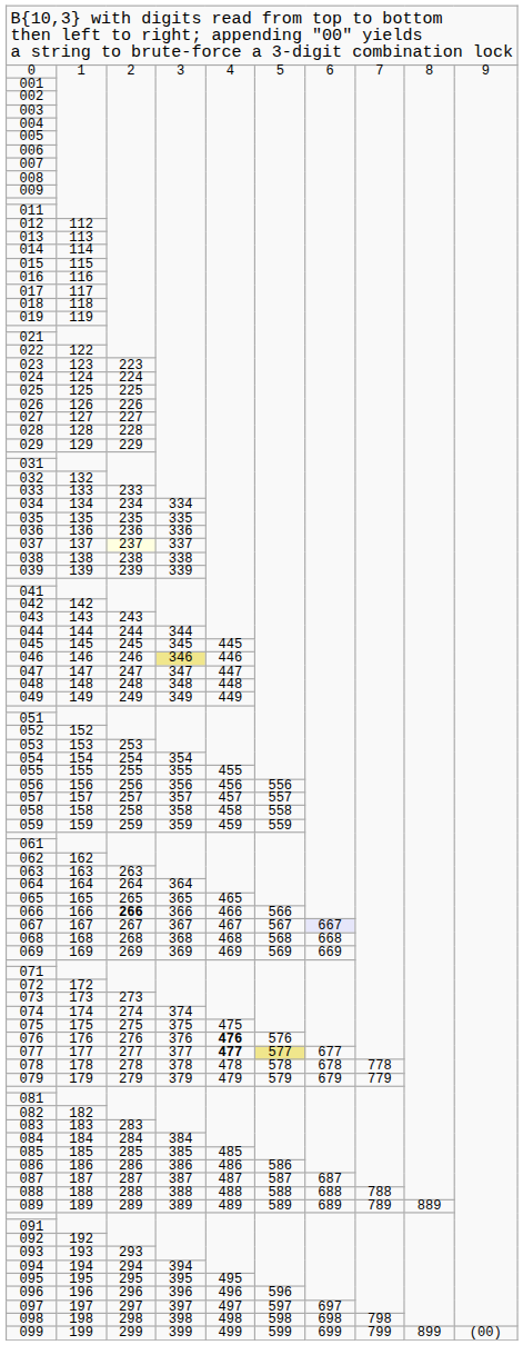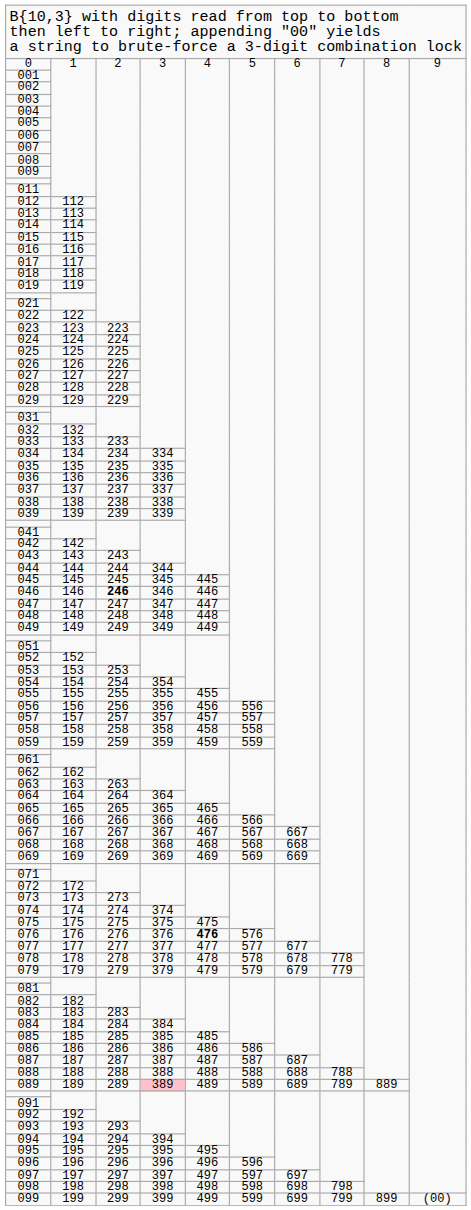 <table class="infobox wikitable collapsible collapsed" style="text-align:center;font-size:80%;line-height:0.5;">
 <tr style="text-align:left;font-size:125%;line-height:1;">
 <td colspan="10">B{10,3} with digits read from top to bottom<br>then left to right; appending "00" yields<br>a string to brute-force a 3-digit combination lock</td>
 </tr>
 <tr style="vertical-align:top;">
 <td>0</td>
 <td rowspan="12">1</td>
 <td rowspan="23">2</td>
 <td rowspan="34">3</td>
 <td rowspan="45">4</td>
 <td rowspan="56">5</td>
 <td rowspan="67">6</td>
 <td rowspan="78">7</td>
 <td rowspan="89">8</td>
 <td rowspan="99">9</td>
 </tr>
 <tr>
 <td>001</td>
 </tr>
 <tr>
 <td>002</td>
 </tr>
 <tr>
 <td>003</td>
 </tr>
 <tr>
 <td>004</td>
 </tr>
 <tr>
 <td>005</td>
 </tr>
 <tr>
 <td>006</td>
 </tr>
 <tr>
 <td>007</td>
 </tr>
 <tr>
 <td>008</td>
 </tr>
 <tr>
 <td>009</td>
 </tr>
 <tr>
 <td></td>
 </tr>
 <tr>
 <td>011</td>
 </tr>
 <tr>
 <td>012</td>
 <td>112</td>
 </tr>
 <tr>
 <td>013</td>
 <td>113</td>
 </tr>
 <tr>
 <td>014</td>
 <td>114</td>
 </tr>
 <tr>
 <td>015</td>
 <td>115</td>
 </tr>
 <tr>
 <td>016</td>
 <td>116</td>
 </tr>
 <tr>
 <td>017</td>
 <td>117</td>
 </tr>
 <tr>
 <td>018</td>
 <td>118</td>
 </tr>
 <tr>
 <td>019</td>
 <td>119</td>
 </tr>
 <tr>
 <td></td>
 </tr>
 <tr>
 <td>021</td>
 </tr>
 <tr>
 <td>022</td>
 <td>122</td>
 </tr>
 <tr>
 <td>023</td>
 <td>123</td>
 <td>223</td>
 </tr>
 <tr>
 <td>024</td>
 <td>124</td>
 <td>224</td>
 </tr>
 <tr>
 <td>025</td>
 <td>125</td>
 <td>225</td>
 </tr>
 <tr>
 <td>026</td>
 <td>126</td>
 <td>226</td>
 </tr>
 <tr>
 <td>027</td>
 <td>127</td>
 <td>227</td>
 </tr>
 <tr>
 <td>028</td>
 <td>128</td>
 <td>228</td>
 </tr>
 <tr>
 <td>029</td>
 <td>129</td>
 <td>229</td>
 </tr>
 <tr>
 <td></td>
 <td rowspan="2"></td>
 </tr>
 <tr>
 <td>031</td>
 </tr>
 <tr>
 <td>032</td>
 <td>132</td>
 </tr>
 <tr>
 <td>033</td>
 <td>133</td>
 <td>233</td>
 </tr>
 <tr>
 <td>034</td>
 <td>134</td>
 <td>234</td>
 <td>334</td>
 </tr>
 <tr>
 <td>035</td>
 <td>135</td>
 <td>235</td>
 <td>335</td>
 </tr>
 <tr>
 <td>036</td>
 <td>136</td>
 <td>236</td>
 <td>336</td>
 </tr>
 <tr>
 <td>037</td>
 <td>137</td>
-<td style="background: lightyellow;">237</td>
+<td>237</td>
 <td>337</td>
 </tr>
 <tr>
 <td>038</td>
 <td>138</td>
 <td>238</td>
 <td>338</td>
 </tr>
 <tr>
 <td>039</td>
 <td>139</td>
 <td>239</td>
 <td>339</td>
 </tr>
 <tr>
 <td></td>
 <td rowspan="2"></td>
 <td rowspan="3"></td>
 </tr>
 <tr>
 <td>041</td>
 </tr>
 <tr>
 <td>042</td>
 <td>142</td>
 </tr>
 <tr>
 <td>043</td>
 <td>143</td>
 <td>243</td>
 </tr>
 <tr>
 <td>044</td>
 <td>144</td>
 <td>244</td>
 <td>344</td>
 </tr>
 <tr>
 <td>045</td>
 <td>145</td>
 <td>245</td>
 <td>345</td>
 <td>445</td>
 </tr>
 <tr>
 <td>046</td>
 <td>146</td>
-<td>246</td>
-<td style="background: khaki;">346</td>
+<td><strong>246</strong></td>
+<td>346</td>
 <td>446</td>
 </tr>
 <tr>
 <td>047</td>
 <td>147</td>
 <td>247</td>
 <td>347</td>
 <td>447</td>
 </tr>
 <tr>
 <td>048</td>
 <td>148</td>
 <td>248</td>
 <td>348</td>
 <td>448</td>
 </tr>
 <tr>
 <td>049</td>
 <td>149</td>
 <td>249</td>
 <td>349</td>
 <td>449</td>
 </tr>
 <tr>
 <td></td>
 <td rowspan="2"></td>
 <td rowspan="3"></td>
 <td rowspan="4"></td>
 </tr>
 <tr>
 <td>051</td>
 </tr>
 <tr>
 <td>052</td>
 <td>152</td>
 </tr>
 <tr>
 <td>053</td>
 <td>153</td>
 <td>253</td>
 </tr>
 <tr>
 <td>054</td>
 <td>154</td>
 <td>254</td>
 <td>354</td>
 </tr>
 <tr>
 <td>055</td>
 <td>155</td>
 <td>255</td>
 <td>355</td>
 <td>455</td>
 </tr>
 <tr>
 <td>056</td>
 <td>156</td>
 <td>256</td>
 <td>356</td>
 <td>456</td>
 <td>556</td>
 </tr>
 <tr>
 <td>057</td>
 <td>157</td>
 <td>257</td>
 <td>357</td>
 <td>457</td>
 <td>557</td>
 </tr>
 <tr>
 <td>058</td>
 <td>158</td>
 <td>258</td>
 <td>358</td>
 <td>458</td>
 <td>558</td>
 </tr>
 <tr>
 <td>059</td>
 <td>159</td>
 <td>259</td>
 <td>359</td>
 <td>459</td>
 <td>559</td>
 </tr>
 <tr>
 <td></td>
 <td rowspan="2"></td>
 <td rowspan="3"></td>
 <td rowspan="4"></td>
 <td rowspan="5"></td>
 </tr>
 <tr>
 <td>061</td>
 </tr>
 <tr>
 <td>062</td>
 <td>162</td>
 </tr>
 <tr>
 <td>063</td>
 <td>163</td>
 <td>263</td>
 </tr>
 <tr>
 <td>064</td>
 <td>164</td>
 <td>264</td>
 <td>364</td>
 </tr>
 <tr>
 <td>065</td>
 <td>165</td>
 <td>265</td>
 <td>365</td>
 <td>465</td>
 </tr>
 <tr>
 <td>066</td>
 <td>166</td>
-<td><strong>266</strong></td>
+<td>266</td>
 <td>366</td>
 <td>466</td>
 <td>566</td>
 </tr>
 <tr>
 <td>067</td>
 <td>167</td>
 <td>267</td>
 <td>367</td>
 <td>467</td>
 <td>567</td>
-<td style="background: lavender;">667</td>
+<td>667</td>
 </tr>
 <tr>
 <td>068</td>
 <td>168</td>
 <td>268</td>
 <td>368</td>
 <td>468</td>
 <td>568</td>
 <td>668</td>
 </tr>
 <tr>
 <td>069</td>
 <td>169</td>
 <td>269</td>
 <td>369</td>
 <td>469</td>
 <td>569</td>
 <td>669</td>
 </tr>
 <tr>
 <td></td>
 <td rowspan="2"></td>
 <td rowspan="3"></td>
 <td rowspan="4"></td>
 <td rowspan="5"></td>
 <td rowspan="6"></td>
 </tr>
 <tr>
 <td>071</td>
 </tr>
 <tr>
 <td>072</td>
 <td>172</td>
 </tr>
 <tr>
 <td>073</td>
 <td>173</td>
 <td>273</td>
 </tr>
 <tr>
 <td>074</td>
 <td>174</td>
 <td>274</td>
 <td>374</td>
 </tr>
 <tr>
 <td>075</td>
 <td>175</td>
 <td>275</td>
 <td>375</td>
 <td>475</td>
 </tr>
 <tr>
 <td>076</td>
 <td>176</td>
 <td>276</td>
 <td>376</td>
 <td><strong>476</strong></td>
 <td>576</td>
 </tr>
 <tr>
 <td>077</td>
 <td>177</td>
 <td>277</td>
 <td>377</td>
-<td><strong>477</strong></td>
-<td style="background: khaki;">577</td>
+<td>477</td>
+<td>577</td>
 <td>677</td>
 </tr>
 <tr>
 <td>078</td>
 <td>178</td>
 <td>278</td>
 <td>378</td>
 <td>478</td>
 <td>578</td>
 <td>678</td>
 <td>778</td>
 </tr>
 <tr>
 <td>079</td>
 <td>179</td>
 <td>279</td>
 <td>379</td>
 <td>479</td>
 <td>579</td>
 <td>679</td>
 <td>779</td>
 </tr>
 <tr>
 <td></td>
 <td rowspan="2"></td>
 <td rowspan="3"></td>
 <td rowspan="4"></td>
 <td rowspan="5"></td>
 <td rowspan="6"></td>
 <td rowspan="7"></td>
 </tr>
 <tr>
 <td>081</td>
 </tr>
 <tr>
 <td>082</td>
 <td>182</td>
 </tr>
 <tr>
 <td>083</td>
 <td>183</td>
 <td>283</td>
 </tr>
 <tr>
 <td>084</td>
 <td>184</td>
 <td>284</td>
 <td>384</td>
 </tr>
 <tr>
 <td>085</td>
 <td>185</td>
 <td>285</td>
 <td>385</td>
 <td>485</td>
 </tr>
 <tr>
 <td>086</td>
 <td>186</td>
 <td>286</td>
 <td>386</td>
 <td>486</td>
 <td>586</td>
 </tr>
 <tr>
 <td>087</td>
 <td>187</td>
 <td>287</td>
 <td>387</td>
 <td>487</td>
 <td>587</td>
 <td>687</td>
 </tr>
 <tr>
 <td>088</td>
 <td>188</td>
 <td>288</td>
 <td>388</td>
 <td>488</td>
 <td>588</td>
 <td>688</td>
 <td>788</td>
 </tr>
 <tr>
 <td>089</td>
 <td>189</td>
 <td>289</td>
-<td>389</td>
+<td style="background: pink;">389</td>
 <td>489</td>
 <td>589</td>
 <td>689</td>
 <td>789</td>
 <td>889</td>
 </tr>
 <tr>
 <td></td>
 <td rowspan="2"></td>
 <td rowspan="3"></td>
 <td rowspan="4"></td>
 <td rowspan="5"></td>
 <td rowspan="6"></td>
 <td rowspan="7"></td>
 <td rowspan="8"></td>
 </tr>
 <tr>
 <td>091</td>
 </tr>
 <tr>
 <td>092</td>
 <td>192</td>
 </tr>
 <tr>
 <td>093</td>
 <td>193</td>
 <td>293</td>
 </tr>
 <tr>
 <td>094</td>
 <td>194</td>
 <td>294</td>
 <td>394</td>
 </tr>
 <tr>
 <td>095</td>
 <td>195</td>
 <td>295</td>
 <td>395</td>
 <td>495</td>
 </tr>
 <tr>
 <td>096</td>
 <td>196</td>
 <td>296</td>
 <td>396</td>
 <td>496</td>
 <td>596</td>
 </tr>
 <tr>
 <td>097</td>
 <td>197</td>
 <td>297</td>
 <td>397</td>
 <td>497</td>
 <td>597</td>
 <td>697</td>
 </tr>
 <tr>
 <td>098</td>
 <td>198</td>
 <td>298</td>
 <td>398</td>
 <td>498</td>
 <td>598</td>
 <td>698</td>
 <td>798</td>
 </tr>
 <tr>
 <td>099</td>
 <td>199</td>
 <td>299</td>
 <td>399</td>
 <td>499</td>
 <td>599</td>
 <td>699</td>
 <td>799</td>
 <td>899</td>
 <td>(00)</td>
 </tr>
 </table>
